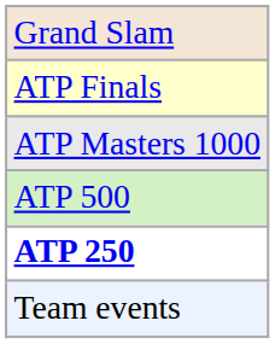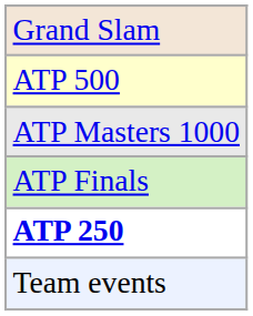 <table class="wikitable" style="font-size:85%">
 <tr>
 </tr>
 <tr style="background:#f3e6d7;">
 <td><a href='#'>Grand Slam</a></td>
 </tr>
 <tr style="background:#ffc;">
-<td><a href='#'>ATP Finals</a></td>
+<td><a href='#'>ATP 500</a></td>
 </tr>
 <tr style="background:#e9e9e9;">
 <td><a href='#'>ATP Masters 1000</a></td>
 </tr>
 <tr style="background:#d4f1c5;">
-<td><a href='#'>ATP 500</a></td>
+<td><a href='#'>ATP Finals</a></td>
 </tr>
 <tr style="background:#fff;">
 <td><strong><a href='#'>ATP 250</a></strong></td>
 </tr>
 <tr style="background:#ecf2ff;">
 <td>Team events</td>
 </tr>
 </table>
